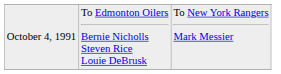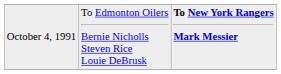 <table class="wikitable">
 <tr>
 </tr>
 <tr>
 </tr>
 <tr bgcolor="#eeeeee">
 <td>October 4, 1991</td>
 <td valign="top">To <a href='#'>Edmonton Oilers</a><hr><a href='#'>Bernie Nicholls</a><br><a href='#'>Steven Rice</a><br><a href='#'>Louie DeBrusk</a></td>
-<td valign="top">To <a href='#'>New York Rangers</a><hr><a href='#'>Mark Messier</a></td>
+<td valign="top"><strong>To <a href='#'>New York Rangers</a><hr><a href='#'>Mark Messier</a></strong></td>
 </tr>
 <tr>
 </tr>
 </table>
